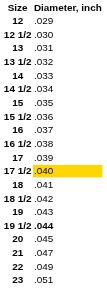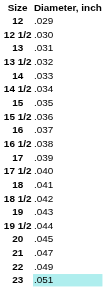 <table>
 <tr>
 <th>Size</th>
 <th>Diameter, inch</th>
 </tr>
 <tr>
 <th>12</th>
 <td>.029</td>
 </tr>
 <tr>
 <th>12 1/2</th>
 <td>.030</td>
 </tr>
 <tr>
 <th>13</th>
 <td>.031</td>
 </tr>
 <tr>
 <th>13 1/2</th>
 <td>.032</td>
 </tr>
 <tr>
 <th>14</th>
 <td>.033</td>
 </tr>
 <tr>
 <th>14 1/2</th>
 <td>.034</td>
 </tr>
 <tr>
 <th>15</th>
 <td>.035</td>
 </tr>
 <tr>
 <th>15 1/2</th>
 <td>.036</td>
 </tr>
 <tr>
 <th>16</th>
 <td>.037</td>
 </tr>
 <tr>
 <th>16 1/2</th>
 <td>.038</td>
 </tr>
 <tr>
 <th>17</th>
 <td>.039</td>
 </tr>
 <tr>
 <th>17 1/2</th>
-<td style="background: gold;">.040</td>
+<td>.040</td>
 </tr>
 <tr>
 <th>18</th>
 <td>.041</td>
 </tr>
 <tr>
 <th>18 1/2</th>
 <td>.042</td>
 </tr>
 <tr>
 <th>19</th>
 <td>.043</td>
 </tr>
 <tr>
 <th>19 1/2</th>
-<td><strong>.044</strong></td>
+<td>.044</td>
 </tr>
 <tr>
 <th>20</th>
 <td>.045</td>
 </tr>
 <tr>
 <th>21</th>
 <td>.047</td>
 </tr>
 <tr>
 <th>22</th>
 <td>.049</td>
 </tr>
 <tr>
 <th>23</th>
-<td>.051</td>
+<td style="background: paleturquoise;">.051</td>
 </tr>
 </table>
